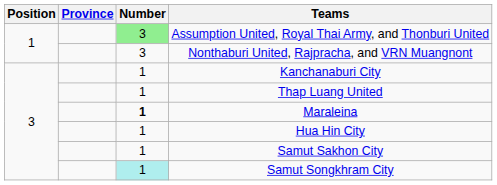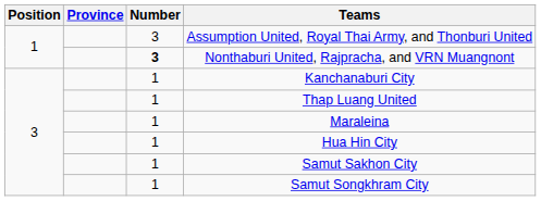 <table class="wikitable">
 <tr>
 <th>Position</th>
 <th><a href='#'>Province</a></th>
 <th>Number</th>
 <th>Teams</th>
 </tr>
 <tr>
 <td align=center rowspan="2">1</td>
 <td></td>
-<td align=center style="background: lightgreen;">3</td>
+<td align=center>3</td>
 <td align=center><a href='#'>Assumption United</a>, <a href='#'>Royal Thai Army</a>, and <a href='#'>Thonburi United</a></td>
 </tr>
 <tr>
 <td></td>
-<td align=center>3</td>
+<td align=center><strong>3</strong></td>
 <td align=center><a href='#'>Nonthaburi United</a>, <a href='#'>Rajpracha</a>, and <a href='#'>VRN Muangnont</a></td>
 </tr>
 <tr>
 <td align=center rowspan="6">3</td>
 <td></td>
 <td align=center>1</td>
 <td align=center><a href='#'>Kanchanaburi City</a></td>
 </tr>
 <tr>
 <td></td>
 <td align=center>1</td>
 <td align=center><a href='#'>Thap Luang United</a></td>
 </tr>
 <tr>
 <td></td>
-<td align=center><strong>1</strong></td>
+<td align=center>1</td>
 <td align=center><a href='#'>Maraleina</a></td>
 </tr>
 <tr>
 <td></td>
 <td align=center>1</td>
 <td align=center><a href='#'>Hua Hin City</a></td>
 </tr>
 <tr>
 <td></td>
 <td align=center>1</td>
 <td align=center><a href='#'>Samut Sakhon City</a></td>
 </tr>
 <tr>
 <td></td>
-<td align=center style="background: paleturquoise;">1</td>
+<td align=center>1</td>
 <td align=center><a href='#'>Samut Songkhram City</a></td>
 </tr>
 </table>
